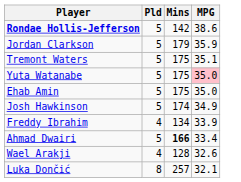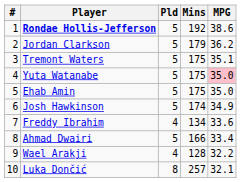 <table class=wikitable style="text-align:right; display:inline-table;">
 <tr>
+<th>#</th>
 <th>Player</th>
 <th>Pld</th>
 <th>Mins</th>
 <th>MPG</th>
 </tr>
 <tr>
+<td>1</td>
 <td align=left> <strong><a href='#'>Rondae Hollis-Jefferson</a></strong></td>
 <td>5</td>
-<td>142</td>
+<td>192</td>
 <td>38.6</td>
 </tr>
 <tr>
+<td>2</td>
 <td align=left> <a href='#'>Jordan Clarkson</a></td>
 <td>5</td>
 <td>179</td>
-<td>35.9</td>
+<td>36.2</td>
 </tr>
 <tr>
+<td>3</td>
 <td align=left> <a href='#'>Tremont Waters</a></td>
 <td>5</td>
 <td>175</td>
 <td>35.1</td>
 </tr>
 <tr>
+<td>4</td>
 <td align=left> <a href='#'>Yuta Watanabe</a></td>
 <td>5</td>
 <td>175</td>
 <td style="background: pink;">35.0</td>
 </tr>
 <tr>
+<td>5</td>
 <td align=left> <a href='#'>Ehab Amin</a></td>
 <td>5</td>
 <td>175</td>
 <td>35.0</td>
 </tr>
 <tr>
+<td>6</td>
 <td align=left> <a href='#'>Josh Hawkinson</a></td>
 <td>5</td>
 <td>174</td>
 <td>34.9</td>
 </tr>
 <tr>
+<td>7</td>
 <td align=left> <a href='#'>Freddy Ibrahim</a></td>
 <td>4</td>
 <td>134</td>
-<td>33.9</td>
+<td>33.6</td>
 </tr>
 <tr>
+<td>8</td>
 <td align=left> <a href='#'>Ahmad Dwairi</a></td>
 <td>5</td>
-<td><strong>166</strong></td>
+<td>166</td>
 <td>33.4</td>
 </tr>
 <tr>
+<td>9</td>
 <td align=left> <a href='#'>Wael Arakji</a></td>
 <td>4</td>
 <td>128</td>
-<td>32.6</td>
+<td>32.2</td>
 </tr>
 <tr>
+<td>10</td>
 <td align=left> <a href='#'>Luka Dončić</a></td>
 <td>8</td>
 <td>257</td>
 <td>32.1</td>
 </tr>
 </table>
